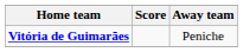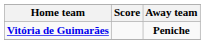 <table class="wikitable" style="text-align: center">
 <tr>
 </tr>
 <tr>
 <th>Home team</th>
 <th>Score</th>
 <th>Away team</th>
 </tr>
 <tr>
 <td><strong><a href='#'>Vitória de Guimarães</a></strong> </td>
 <td></td>
-<td>Peniche </td>
+<td><strong>Peniche </strong></td>
 </tr>
 <tr>
 </tr>
 </table>
